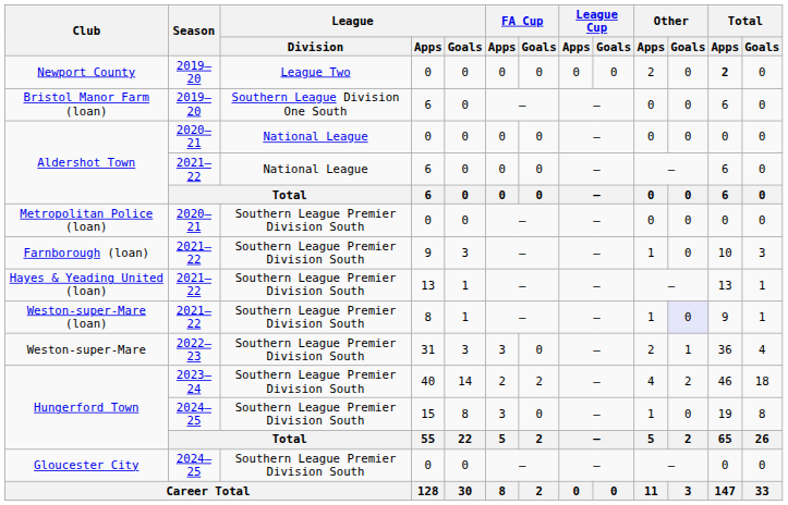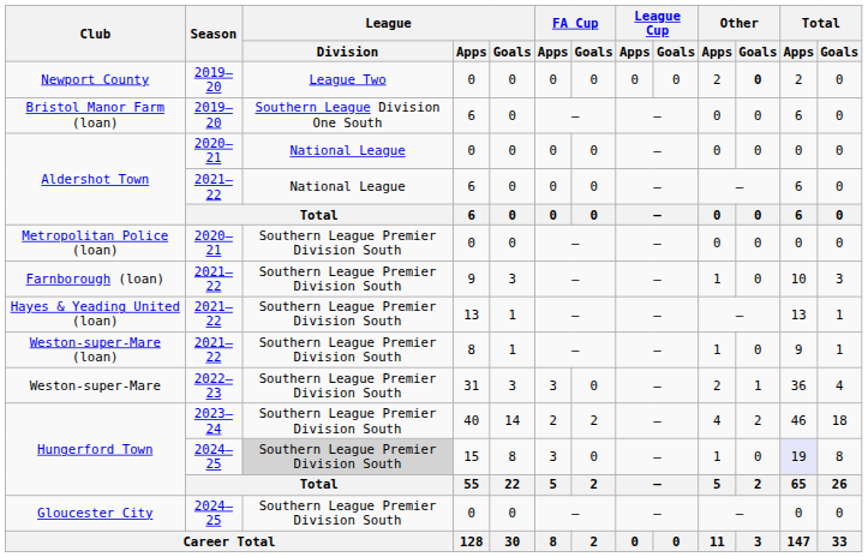 <table class="wikitable" style="text-align: center">
 <tr>
 <th rowspan="2">Club</th>
 <th rowspan="2">Season</th>
 <th colspan="3">League</th>
 <th colspan="2"><a href='#'>FA Cup</a></th>
 <th colspan="2"><a href='#'>League Cup</a></th>
 <th colspan="2">Other</th>
 <th colspan="2">Total</th>
 </tr>
 <tr>
 <th>Division</th>
 <th>Apps</th>
 <th>Goals</th>
 <th>Apps</th>
 <th>Goals</th>
 <th>Apps</th>
 <th>Goals</th>
 <th>Apps</th>
 <th>Goals</th>
 <th>Apps</th>
 <th>Goals</th>
 </tr>
 <tr>
 <td><a href='#'>Newport County</a></td>
 <td><a href='#'>2019–20</a></td>
 <td><a href='#'>League Two</a></td>
 <td>0</td>
 <td>0</td>
 <td>0</td>
 <td>0</td>
 <td>0</td>
 <td>0</td>
 <td>2</td>
-<td>0</td>
-<td><strong>2</strong></td>
+<td><strong>0</strong></td>
+<td>2</td>
 <td>0</td>
 </tr>
 <tr>
 <td><a href='#'>Bristol Manor Farm</a> (loan)</td>
 <td><a href='#'>2019–20</a></td>
 <td><a href='#'>Southern League</a> Division One South</td>
 <td>6</td>
 <td>0</td>
 <td colspan="2">—</td>
 <td colspan="2">—</td>
 <td>0</td>
 <td>0</td>
 <td>6</td>
 <td>0</td>
 </tr>
 <tr>
 <td rowspan="3"><a href='#'>Aldershot Town</a></td>
 <td><a href='#'>2020–21</a></td>
 <td><a href='#'>National League</a></td>
 <td>0</td>
 <td>0</td>
 <td>0</td>
 <td>0</td>
 <td colspan="2">—</td>
 <td>0</td>
 <td>0</td>
 <td>0</td>
 <td>0</td>
 </tr>
 <tr>
 <td><a href='#'>2021–22</a></td>
 <td>National League</td>
 <td>6</td>
 <td>0</td>
 <td>0</td>
 <td>0</td>
 <td colspan="2">—</td>
 <td colspan="2">—</td>
 <td>6</td>
 <td>0</td>
 </tr>
 <tr>
 <th colspan="2">Total</th>
 <th>6</th>
 <th>0</th>
 <th>0</th>
 <th>0</th>
 <th colspan="2">—</th>
 <th>0</th>
 <th>0</th>
 <th>6</th>
 <th>0</th>
 </tr>
 <tr>
 <td><a href='#'>Metropolitan Police</a> (loan)</td>
 <td><a href='#'>2020–21</a></td>
 <td>Southern League Premier Division South</td>
 <td>0</td>
 <td>0</td>
 <td colspan="2">—</td>
 <td colspan="2">—</td>
 <td>0</td>
 <td>0</td>
 <td>0</td>
 <td>0</td>
 </tr>
 <tr>
 <td><a href='#'>Farnborough</a> (loan)</td>
 <td><a href='#'>2021–22</a></td>
 <td>Southern League Premier Division South</td>
 <td>9</td>
 <td>3</td>
 <td colspan="2">—</td>
 <td colspan="2">—</td>
 <td>1</td>
 <td>0</td>
 <td>10</td>
 <td>3</td>
 </tr>
 <tr>
 <td><a href='#'>Hayes & Yeading United</a> (loan)</td>
 <td><a href='#'>2021–22</a></td>
 <td>Southern League Premier Division South</td>
 <td>13</td>
 <td>1</td>
 <td colspan="2">—</td>
 <td colspan="2">—</td>
 <td colspan="2">—</td>
 <td>13</td>
 <td>1</td>
 </tr>
 <tr>
 <td><a href='#'>Weston-super-Mare</a> (loan)</td>
 <td><a href='#'>2021–22</a></td>
 <td>Southern League Premier Division South</td>
 <td>8</td>
 <td>1</td>
 <td colspan="2">—</td>
 <td colspan="2">—</td>
 <td>1</td>
-<td style="background: lavender;">0</td>
+<td>0</td>
 <td>9</td>
 <td>1</td>
 </tr>
 <tr>
 <td>Weston-super-Mare</td>
 <td><a href='#'>2022–23</a></td>
 <td>Southern League Premier Division South</td>
 <td>31</td>
 <td>3</td>
 <td>3</td>
 <td>0</td>
 <td colspan="2">—</td>
 <td>2</td>
 <td>1</td>
 <td>36</td>
 <td>4</td>
 </tr>
 <tr>
 <td rowspan="3"><a href='#'>Hungerford Town</a></td>
 <td><a href='#'>2023–24</a></td>
 <td>Southern League Premier Division South</td>
 <td>40</td>
 <td>14</td>
 <td>2</td>
 <td>2</td>
 <td colspan="2">—</td>
 <td>4</td>
 <td>2</td>
 <td>46</td>
 <td>18</td>
 </tr>
 <tr>
 <td><a href='#'>2024–25</a></td>
-<td>Southern League Premier Division South</td>
+<td style="background: lightgrey;">Southern League Premier Division South</td>
 <td>15</td>
 <td>8</td>
 <td>3</td>
 <td>0</td>
 <td colspan="2">—</td>
 <td>1</td>
 <td>0</td>
-<td>19</td>
+<td style="background: lavender;">19</td>
 <td>8</td>
 </tr>
 <tr>
 <th colspan="2">Total</th>
 <th>55</th>
 <th>22</th>
 <th>5</th>
 <th>2</th>
 <th colspan="2">—</th>
 <th>5</th>
 <th>2</th>
 <th>65</th>
 <th>26</th>
 </tr>
 <tr>
 <td><a href='#'>Gloucester City</a></td>
 <td><a href='#'>2024–25</a></td>
 <td>Southern League Premier Division South</td>
 <td>0</td>
 <td>0</td>
 <td colspan="2">—</td>
 <td colspan="2">—</td>
 <td colspan="2">—</td>
 <td>0</td>
 <td>0</td>
 </tr>
 <tr>
 <th colspan="3">Career Total</th>
 <th>128</th>
 <th>30</th>
 <th>8</th>
 <th>2</th>
 <th>0</th>
 <th>0</th>
 <th>11</th>
 <th>3</th>
 <th>147</th>
 <th>33</th>
 </tr>
 </table>
